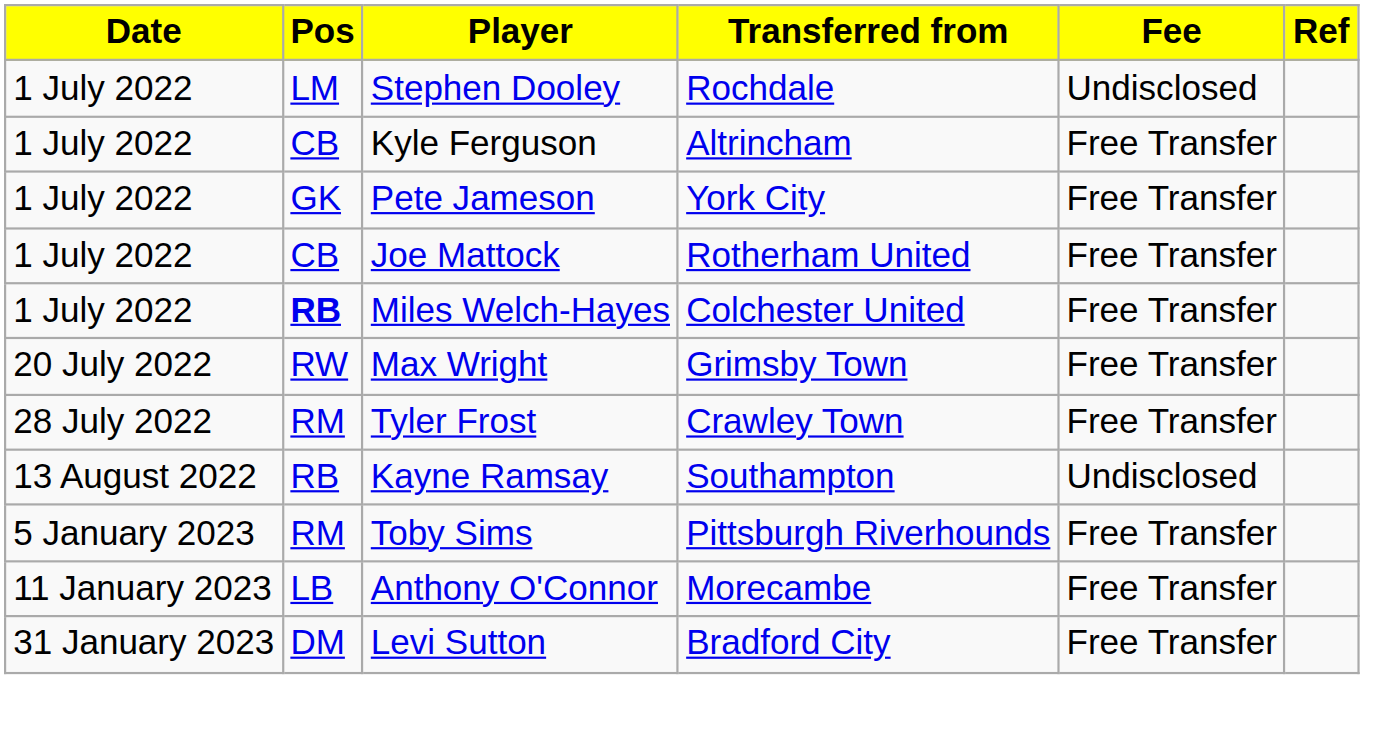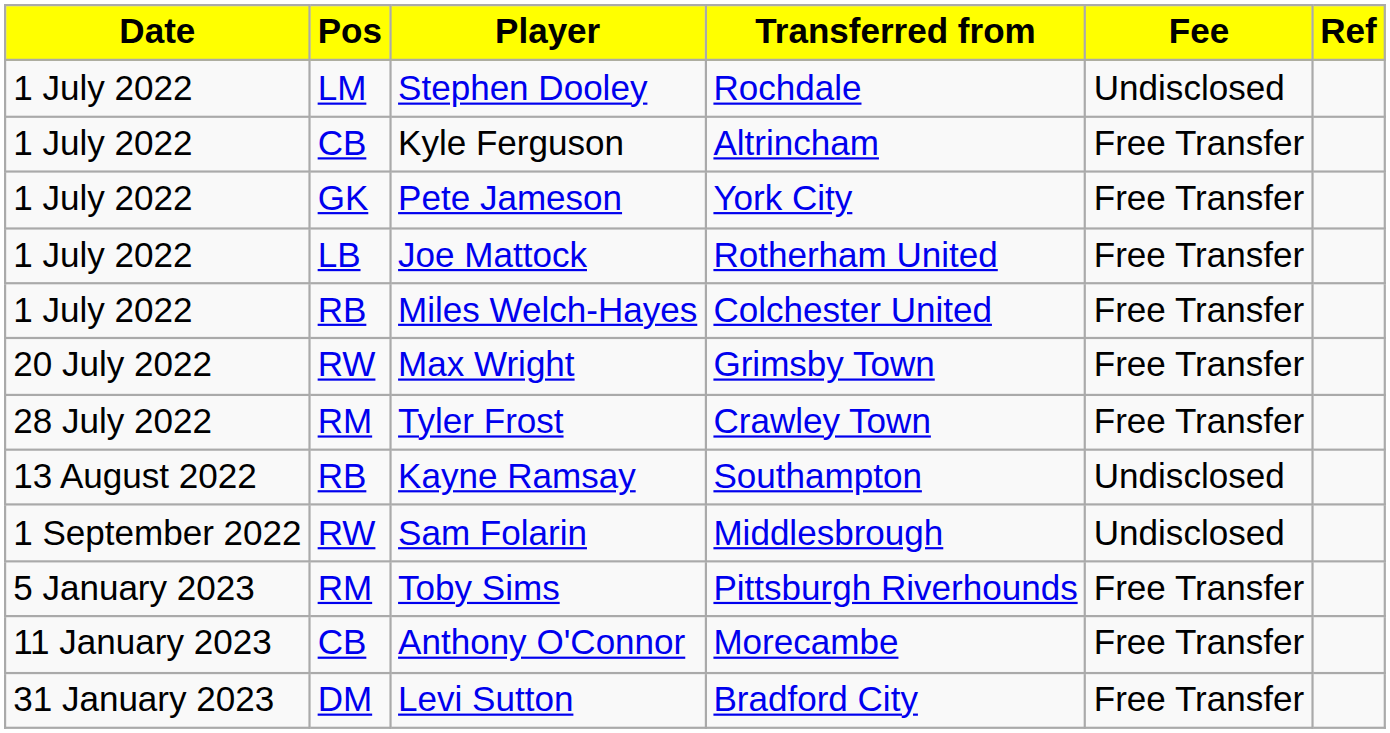 <table class="wikitable plainrowheaders sortable">
 <tr>
 <th style="background:#FFFF00; color:#000000; ">Date</th>
 <th style="background:#FFFF00; color:#000000; ">Pos</th>
 <th style="background:#FFFF00; color:#000000; ">Player</th>
 <th style="background:#FFFF00; color:#000000; ">Transferred from</th>
 <th style="background:#FFFF00; color:#000000; ">Fee</th>
 <th style="background:#FFFF00; color:#000000; ">Ref</th>
 </tr>
 <tr>
 <td>1 July 2022</td>
 <td><a href='#'>LM</a></td>
 <td> <a href='#'>Stephen Dooley</a></td>
 <td> <a href='#'>Rochdale</a></td>
 <td>Undisclosed</td>
 <td></td>
 </tr>
 <tr>
 <td>1 July 2022</td>
 <td><a href='#'>CB</a></td>
 <td> Kyle Ferguson</td>
 <td> <a href='#'>Altrincham</a></td>
 <td>Free Transfer</td>
 <td></td>
 </tr>
 <tr>
 <td>1 July 2022</td>
 <td><a href='#'>GK</a></td>
 <td> <a href='#'>Pete Jameson</a></td>
 <td> <a href='#'>York City</a></td>
 <td>Free Transfer</td>
 <td></td>
 </tr>
 <tr>
 <td>1 July 2022</td>
-<td><a href='#'>CB</a></td>
+<td><a href='#'>LB</a></td>
 <td> <a href='#'>Joe Mattock</a></td>
 <td> <a href='#'>Rotherham United</a></td>
 <td>Free Transfer</td>
 <td></td>
 </tr>
 <tr>
 <td>1 July 2022</td>
-<td><strong><a href='#'>RB</a></strong></td>
+<td><a href='#'>RB</a></td>
 <td> <a href='#'>Miles Welch-Hayes</a></td>
 <td> <a href='#'>Colchester United</a></td>
 <td>Free Transfer</td>
 <td></td>
 </tr>
 <tr>
 <td>20 July 2022</td>
 <td><a href='#'>RW</a></td>
 <td> <a href='#'>Max Wright</a></td>
 <td> <a href='#'>Grimsby Town</a></td>
 <td>Free Transfer</td>
 <td></td>
 </tr>
 <tr>
 <td>28 July 2022</td>
 <td><a href='#'>RM</a></td>
 <td> <a href='#'>Tyler Frost</a></td>
 <td> <a href='#'>Crawley Town</a></td>
 <td>Free Transfer</td>
 <td></td>
 </tr>
 <tr>
 <td>13 August 2022</td>
 <td><a href='#'>RB</a></td>
 <td> <a href='#'>Kayne Ramsay</a></td>
 <td> <a href='#'>Southampton</a></td>
 <td>Undisclosed</td>
 <td></td>
 </tr>
 <tr>
+<td>1 September 2022</td>
+<td><a href='#'>RW</a></td>
+<td> <a href='#'>Sam Folarin</a></td>
+<td> <a href='#'>Middlesbrough</a></td>
+<td>Undisclosed</td>
+<td></td>
+</tr>
+<tr>
 <td>5 January 2023</td>
 <td><a href='#'>RM</a></td>
 <td> <a href='#'>Toby Sims</a></td>
 <td> <a href='#'>Pittsburgh Riverhounds</a></td>
 <td>Free Transfer</td>
 <td></td>
 </tr>
 <tr>
 <td>11 January 2023</td>
-<td><a href='#'>LB</a></td>
+<td><a href='#'>CB</a></td>
 <td> <a href='#'>Anthony O'Connor</a></td>
 <td> <a href='#'>Morecambe</a></td>
 <td>Free Transfer</td>
 <td></td>
 </tr>
 <tr>
 <td>31 January 2023</td>
 <td><a href='#'>DM</a></td>
 <td> <a href='#'>Levi Sutton</a></td>
 <td> <a href='#'>Bradford City</a></td>
 <td>Free Transfer</td>
 <td></td>
 </tr>
 </table>
